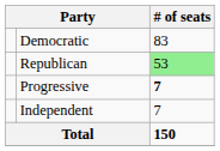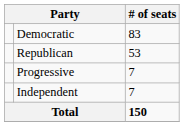 <table class="wikitable sortable">
 <tr>
 <th colspan="2" style="width:150px;">Party</th>
 <th># of seats</th>
 </tr>
 <tr>
 <td></td>
 <td>Democratic</td>
 <td>83</td>
 </tr>
 <tr>
 <td></td>
 <td>Republican</td>
-<td style="background: lightgreen;">53</td>
+<td>53</td>
 </tr>
 <tr>
 <td></td>
 <td>Progressive</td>
-<td><strong>7</strong></td>
+<td>7</td>
 </tr>
 <tr>
 <td></td>
 <td>Independent</td>
 <td>7</td>
 </tr>
 <tr>
 <th colspan=2>Total</th>
 <td><strong>150</strong></td>
 </tr>
 <tr>
 </tr>
 </table>
